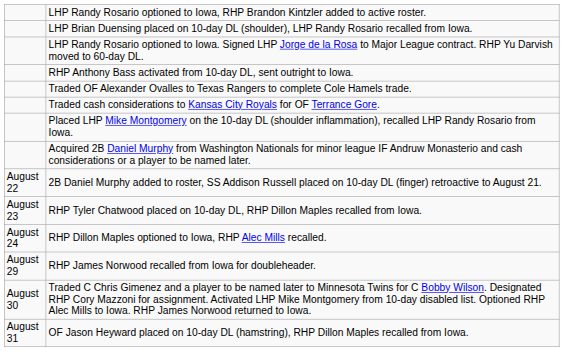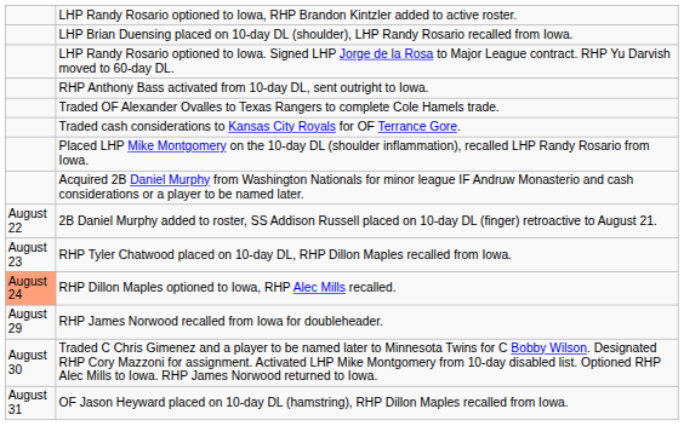 <table class="wikitable">
 <tr>
 <td></td>
 <td>LHP Randy Rosario optioned to Iowa, RHP Brandon Kintzler added to active roster.</td>
 </tr>
 <tr>
 <td></td>
 <td>LHP Brian Duensing placed on 10-day DL (shoulder), LHP Randy Rosario recalled from Iowa.</td>
 </tr>
 <tr>
 <td></td>
 <td>LHP Randy Rosario optioned to Iowa. Signed LHP <a href='#'>Jorge de la Rosa</a> to Major League contract. RHP Yu Darvish moved to 60-day DL.</td>
 </tr>
 <tr>
 <td></td>
 <td>RHP Anthony Bass activated from 10-day DL, sent outright to Iowa.</td>
 </tr>
 <tr>
 <td></td>
 <td>Traded OF Alexander Ovalles to Texas Rangers to complete Cole Hamels trade.</td>
 </tr>
 <tr>
 <td></td>
 <td>Traded cash considerations to <a href='#'>Kansas City Royals</a> for OF <a href='#'>Terrance Gore</a>.</td>
 </tr>
 <tr>
 <td></td>
 <td>Placed LHP <a href='#'>Mike Montgomery</a> on the 10-day DL (shoulder inflammation), recalled LHP Randy Rosario from Iowa.</td>
 </tr>
 <tr>
 <td></td>
 <td>Acquired 2B <a href='#'>Daniel Murphy</a> from Washington Nationals for minor league IF Andruw Monasterio and cash considerations or a player to be named later.</td>
 </tr>
 <tr>
 <td>August 22</td>
 <td>2B Daniel Murphy added to roster, SS Addison Russell placed on 10-day DL (finger) retroactive to August 21.</td>
 </tr>
 <tr>
 <td>August 23</td>
 <td>RHP Tyler Chatwood placed on 10-day DL, RHP Dillon Maples recalled from Iowa.</td>
 </tr>
 <tr>
-<td>August 24</td>
+<td style="background: lightsalmon;">August 24</td>
 <td>RHP Dillon Maples optioned to Iowa, RHP <a href='#'>Alec Mills</a> recalled.</td>
 </tr>
 <tr>
 <td>August 29</td>
 <td>RHP James Norwood recalled from Iowa for doubleheader.</td>
 </tr>
 <tr>
 <td>August 30</td>
 <td>Traded C Chris Gimenez and a player to be named later to Minnesota Twins for C <a href='#'>Bobby Wilson</a>. Designated RHP Cory Mazzoni for assignment. Activated LHP Mike Montgomery from 10-day disabled list. Optioned RHP Alec Mills to Iowa. RHP James Norwood returned to Iowa.</td>
 </tr>
 <tr>
 <td>August 31</td>
 <td>OF Jason Heyward placed on 10-day DL (hamstring), RHP Dillon Maples recalled from Iowa.</td>
 </tr>
 </table>
